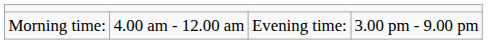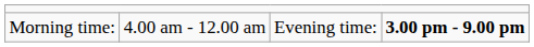 <table class="wikitable">
 <tr>
 <td colspan="4"></td>
 </tr>
 <tr>
 <td>Morning time:</td>
 <td>4.00 am - 12.00 am</td>
 <td>Evening time:</td>
-<td>3.00 pm - 9.00 pm</td>
+<td><strong>3.00 pm - 9.00 pm</strong></td>
 </tr>
 </table>
